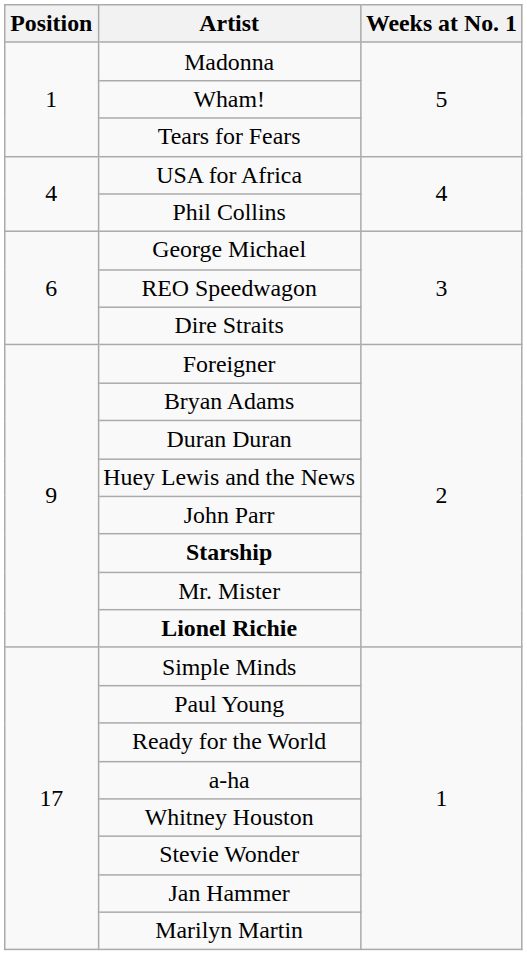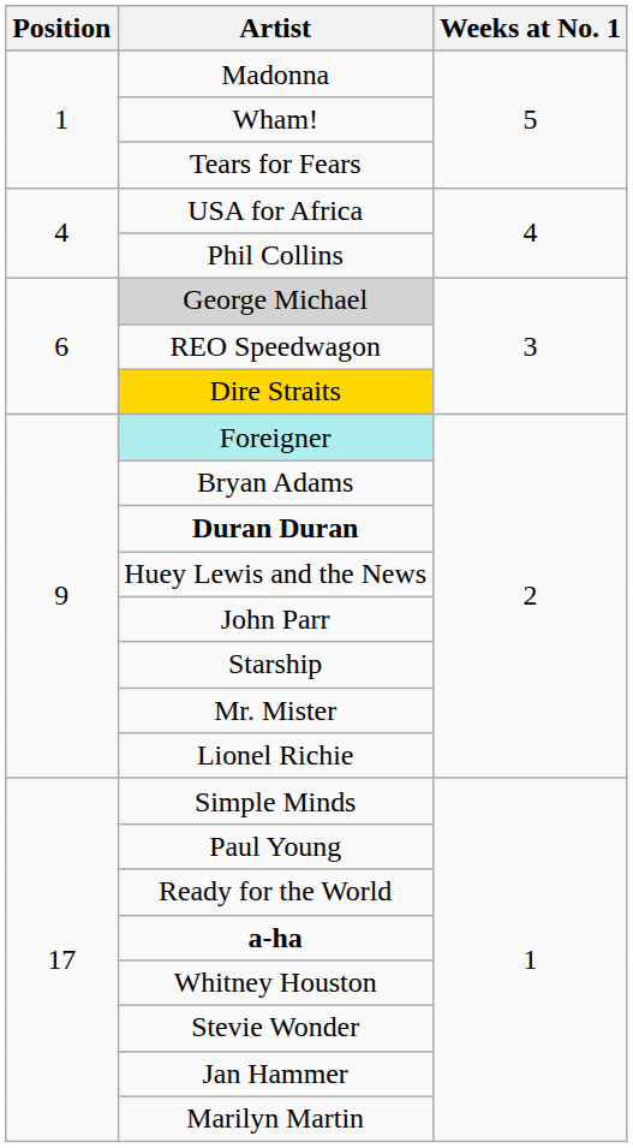 <table class="wikitable plainrowheaders" style="text-align:center;">
 <tr>
 <th>Position</th>
 <th>Artist</th>
 <th>Weeks at No. 1</th>
 </tr>
 <tr>
 <td rowspan=3>1</td>
 <td>Madonna</td>
 <td rowspan=3>5</td>
 </tr>
 <tr>
 <td>Wham!</td>
 </tr>
 <tr>
 <td>Tears for Fears</td>
 </tr>
 <tr>
 <td rowspan=2>4</td>
 <td>USA for Africa</td>
 <td rowspan=2>4</td>
 </tr>
 <tr>
 <td>Phil Collins</td>
 </tr>
 <tr>
 <td rowspan=3>6</td>
-<td>George Michael</td>
+<td style="background: lightgrey;">George Michael</td>
 <td rowspan=3>3</td>
 </tr>
 <tr>
 <td>REO Speedwagon</td>
 </tr>
 <tr>
-<td>Dire Straits</td>
+<td style="background: gold;">Dire Straits</td>
 </tr>
 <tr>
 <td rowspan=8>9</td>
-<td>Foreigner</td>
+<td style="background: paleturquoise;">Foreigner</td>
 <td rowspan=8>2</td>
 </tr>
 <tr>
 <td>Bryan Adams</td>
 </tr>
 <tr>
-<td>Duran Duran</td>
+<td><strong>Duran Duran</strong></td>
 </tr>
 <tr>
 <td>Huey Lewis and the News</td>
 </tr>
 <tr>
 <td>John Parr</td>
 </tr>
 <tr>
-<td><strong>Starship</strong></td>
+<td>Starship</td>
 </tr>
 <tr>
 <td>Mr. Mister</td>
 </tr>
 <tr>
-<td><strong>Lionel Richie</strong></td>
+<td>Lionel Richie</td>
 </tr>
 <tr>
 <td rowspan=8>17</td>
 <td>Simple Minds</td>
 <td rowspan=8>1</td>
 </tr>
 <tr>
 <td>Paul Young</td>
 </tr>
 <tr>
 <td>Ready for the World</td>
 </tr>
 <tr>
-<td>a-ha</td>
+<td><strong>a-ha</strong></td>
 </tr>
 <tr>
 <td>Whitney Houston</td>
 </tr>
 <tr>
 <td>Stevie Wonder</td>
 </tr>
 <tr>
 <td>Jan Hammer</td>
 </tr>
 <tr>
 <td>Marilyn Martin</td>
 </tr>
 </table>
